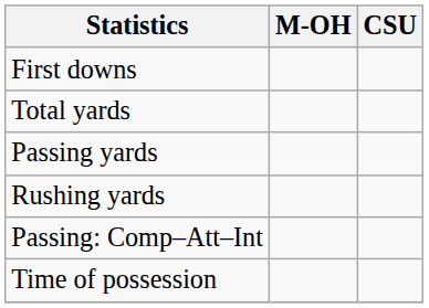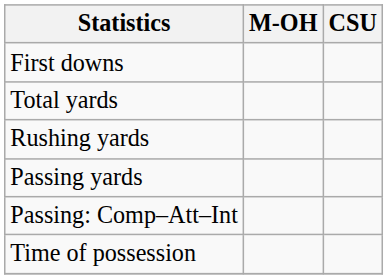 <table class="wikitable" style="float: left;">
 <tr>
 <th>Statistics</th>
 <th>M-OH</th>
 <th>CSU</th>
 </tr>
 <tr>
 <td>First downs</td>
 <td></td>
 <td></td>
 </tr>
 <tr>
 <td>Total yards</td>
 <td></td>
 <td></td>
 </tr>
 <tr>
-<td>Passing yards</td>
+<td>Rushing yards</td>
 <td></td>
 <td></td>
 </tr>
 <tr>
-<td>Rushing yards</td>
+<td>Passing yards</td>
 <td></td>
 <td></td>
 </tr>
 <tr>
 <td>Passing: Comp–Att–Int</td>
 <td></td>
 <td></td>
 </tr>
 <tr>
 <td>Time of possession</td>
 <td></td>
 <td></td>
 </tr>
 <tr>
 </tr>
 </table>
